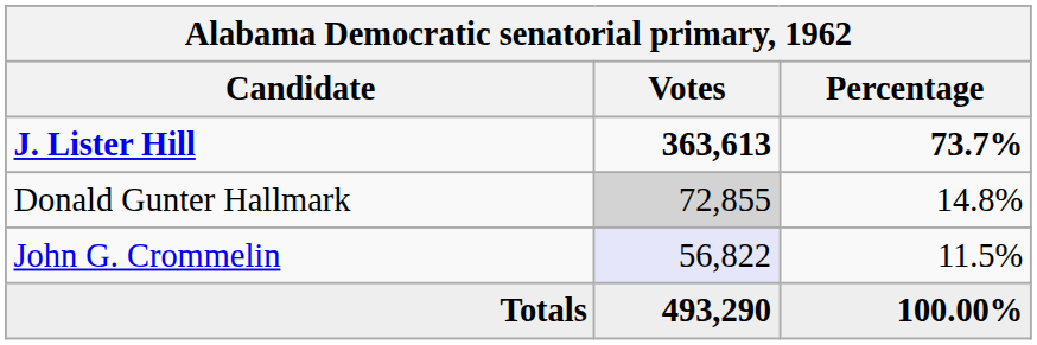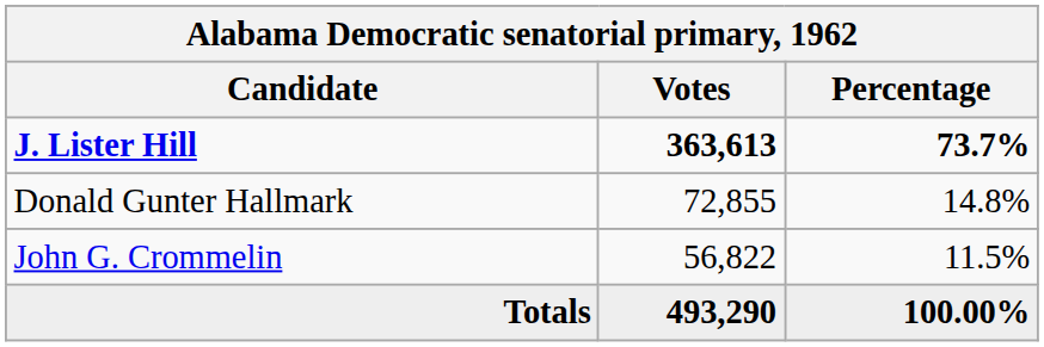 <table class="wikitable" style="font-size: 95%;">
 <tr>
 <th colspan="3">Alabama Democratic senatorial primary, 1962</th>
 </tr>
 <tr>
 <th style="width: 17em">Candidate</th>
 <th style="width: 5em">Votes</th>
 <th style="width: 7em">Percentage</th>
 </tr>
 <tr>
 <td><strong><a href='#'>J. Lister Hill</a></strong></td>
 <td align="right"><strong>363,613</strong></td>
 <td align="right"><strong>73.7%</strong></td>
 </tr>
 <tr>
 <td>Donald Gunter Hallmark</td>
-<td align="right" style="background: lightgrey;">72,855</td>
+<td align="right">72,855</td>
 <td align="right">14.8%</td>
 </tr>
 <tr>
 <td><a href='#'>John G. Crommelin</a></td>
-<td align="right" style="background: lavender;">56,822</td>
+<td align="right">56,822</td>
 <td align="right">11.5%</td>
 </tr>
 <tr bgcolor="#EEEEEE">
 <td align="right"><strong>Totals</strong></td>
 <td align="right"><strong>493,290</strong></td>
 <td align="right"><strong>100.00%</strong></td>
 </tr>
 </table>
